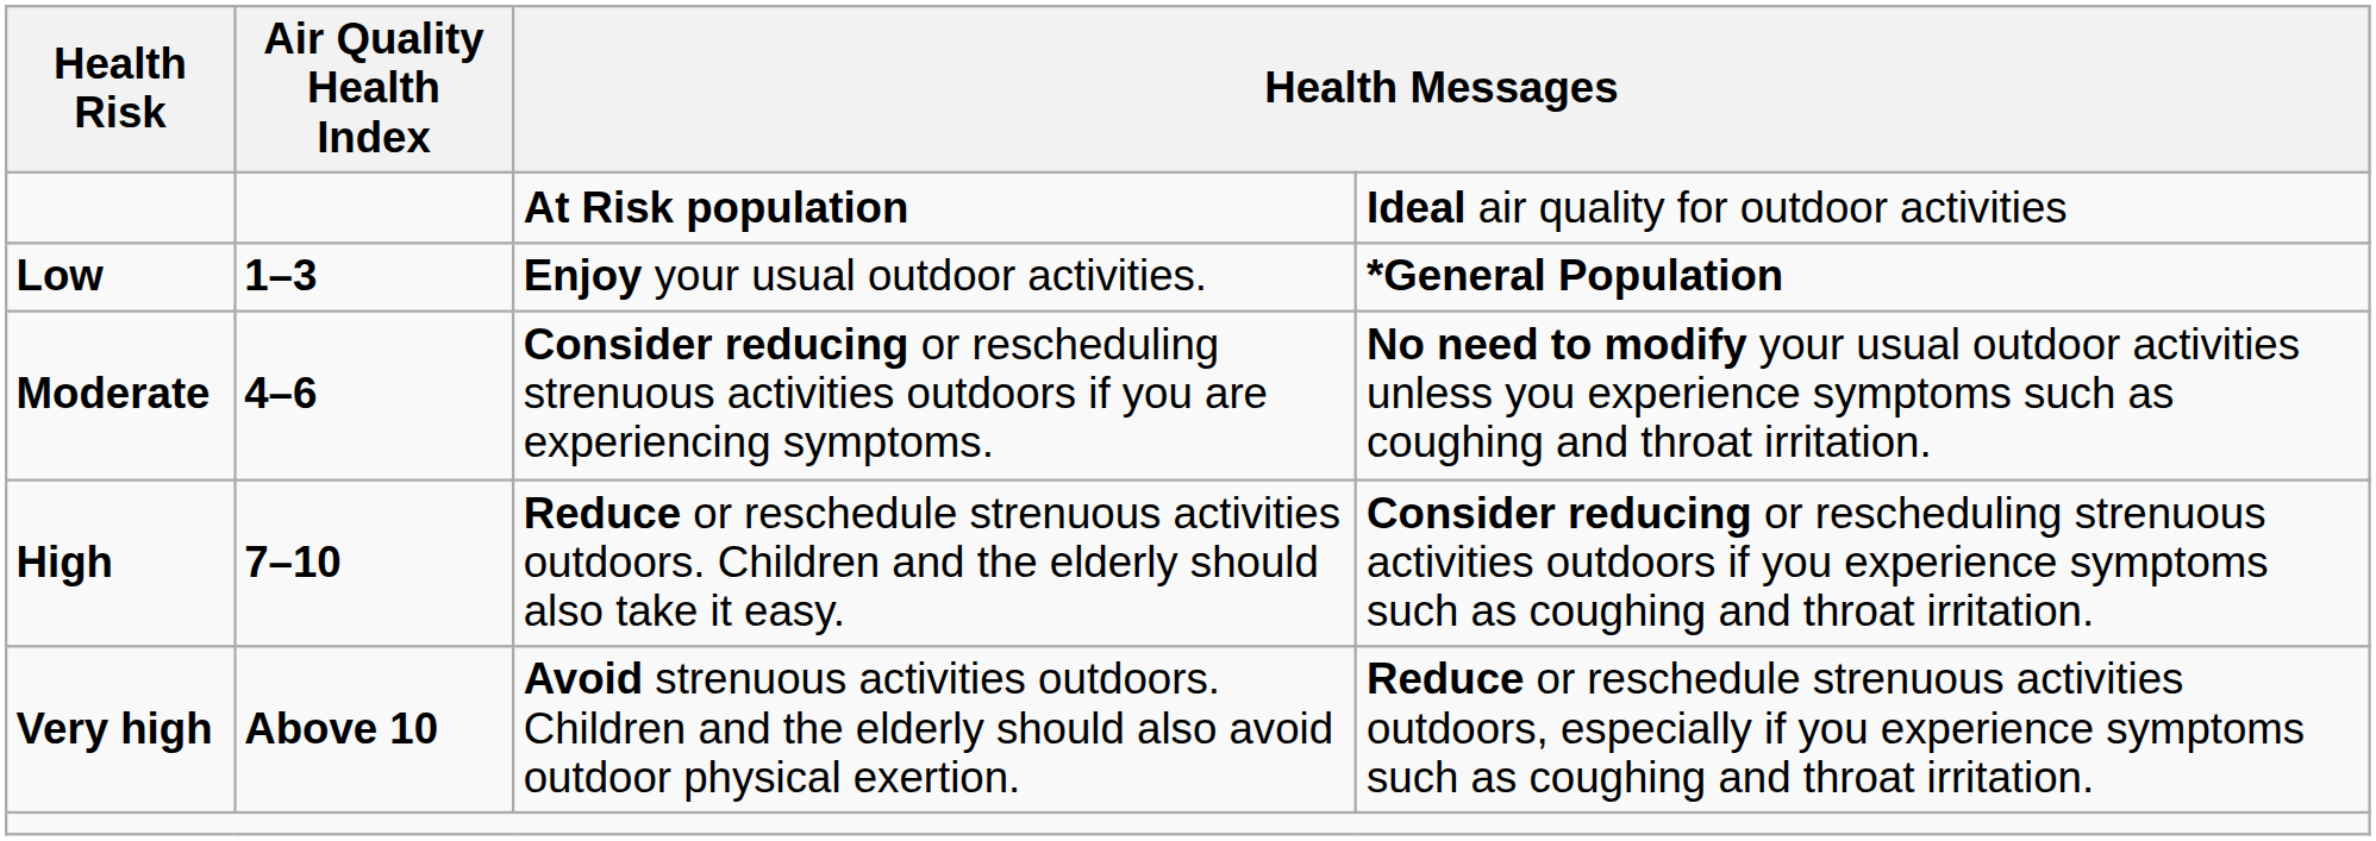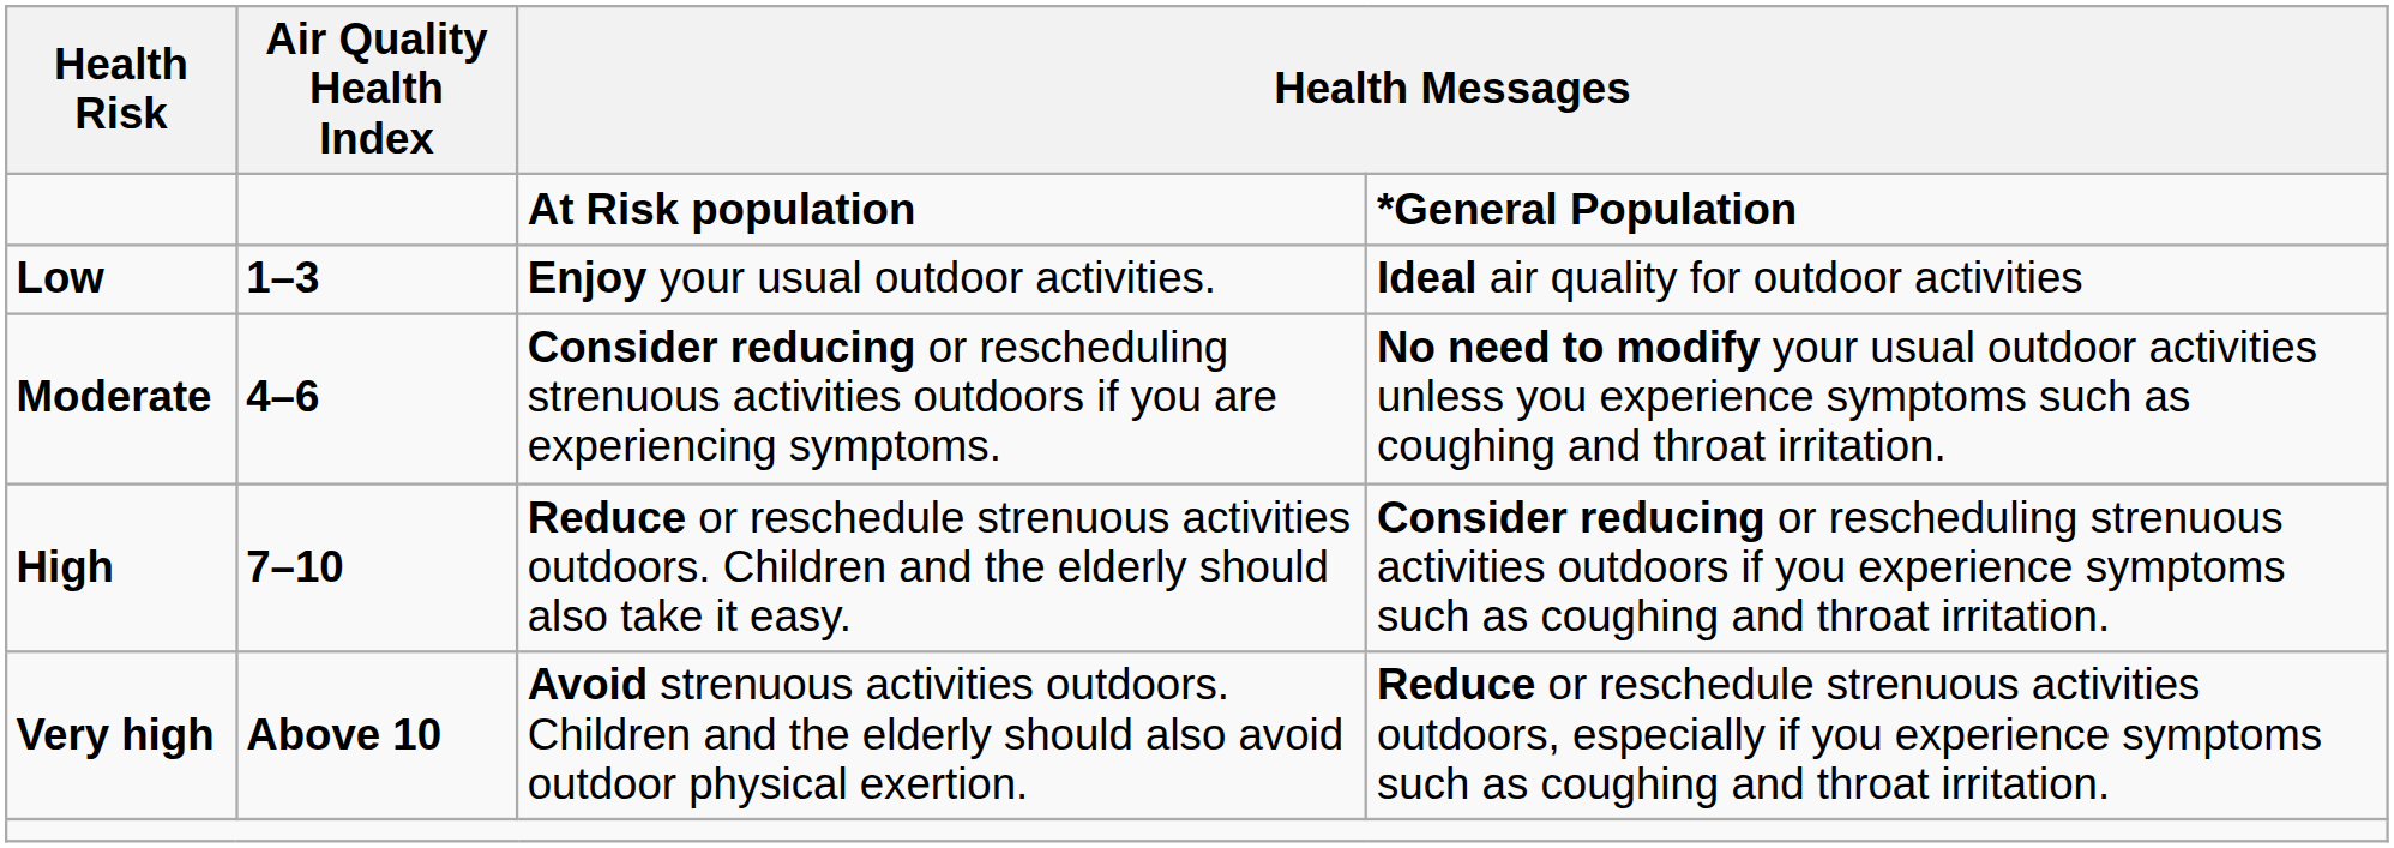 <table class="wikitable">
 <tr>
 <th>Health Risk</th>
 <th>Air Quality Health Index</th>
 <th colspan="2" style="text-align: center;">Health Messages</th>
 </tr>
 <tr>
 <td></td>
 <td></td>
 <td><strong>At Risk population</strong></td>
-<td><strong>Ideal</strong> air quality for outdoor activities</td>
+<td><strong>*General Population</strong></td>
 </tr>
 <tr>
 <td><strong>Low</strong></td>
 <td><strong>1–3</strong></td>
 <td><strong>Enjoy</strong> your usual outdoor activities.</td>
-<td><strong>*General Population</strong></td>
+<td><strong>Ideal</strong> air quality for outdoor activities</td>
 </tr>
 <tr>
 <td><strong>Moderate</strong></td>
 <td><strong>4–6</strong></td>
 <td><strong>Consider reducing</strong> or rescheduling strenuous activities outdoors if you are experiencing symptoms.</td>
 <td><strong>No need to modify</strong> your usual outdoor activities unless you experience symptoms such as coughing and throat irritation.</td>
 </tr>
 <tr>
 <td><strong>High</strong></td>
 <td><strong>7–10</strong></td>
 <td><strong>Reduce</strong> or reschedule strenuous activities outdoors. Children and the elderly should also take it easy.</td>
 <td><strong>Consider reducing</strong> or rescheduling strenuous activities outdoors if you experience symptoms such as coughing and throat irritation.</td>
 </tr>
 <tr>
 <td><strong>Very high</strong></td>
 <td><strong>Above 10</strong></td>
 <td><strong>Avoid</strong> strenuous activities outdoors. Children and the elderly should also avoid outdoor physical exertion.</td>
 <td><strong>Reduce</strong> or reschedule strenuous activities outdoors, especially if you experience symptoms such as coughing and throat irritation.</td>
 </tr>
 <tr>
 <td colspan="4" style="text-align: center;"><small><span></span></small></td>
 </tr>
 </table>
